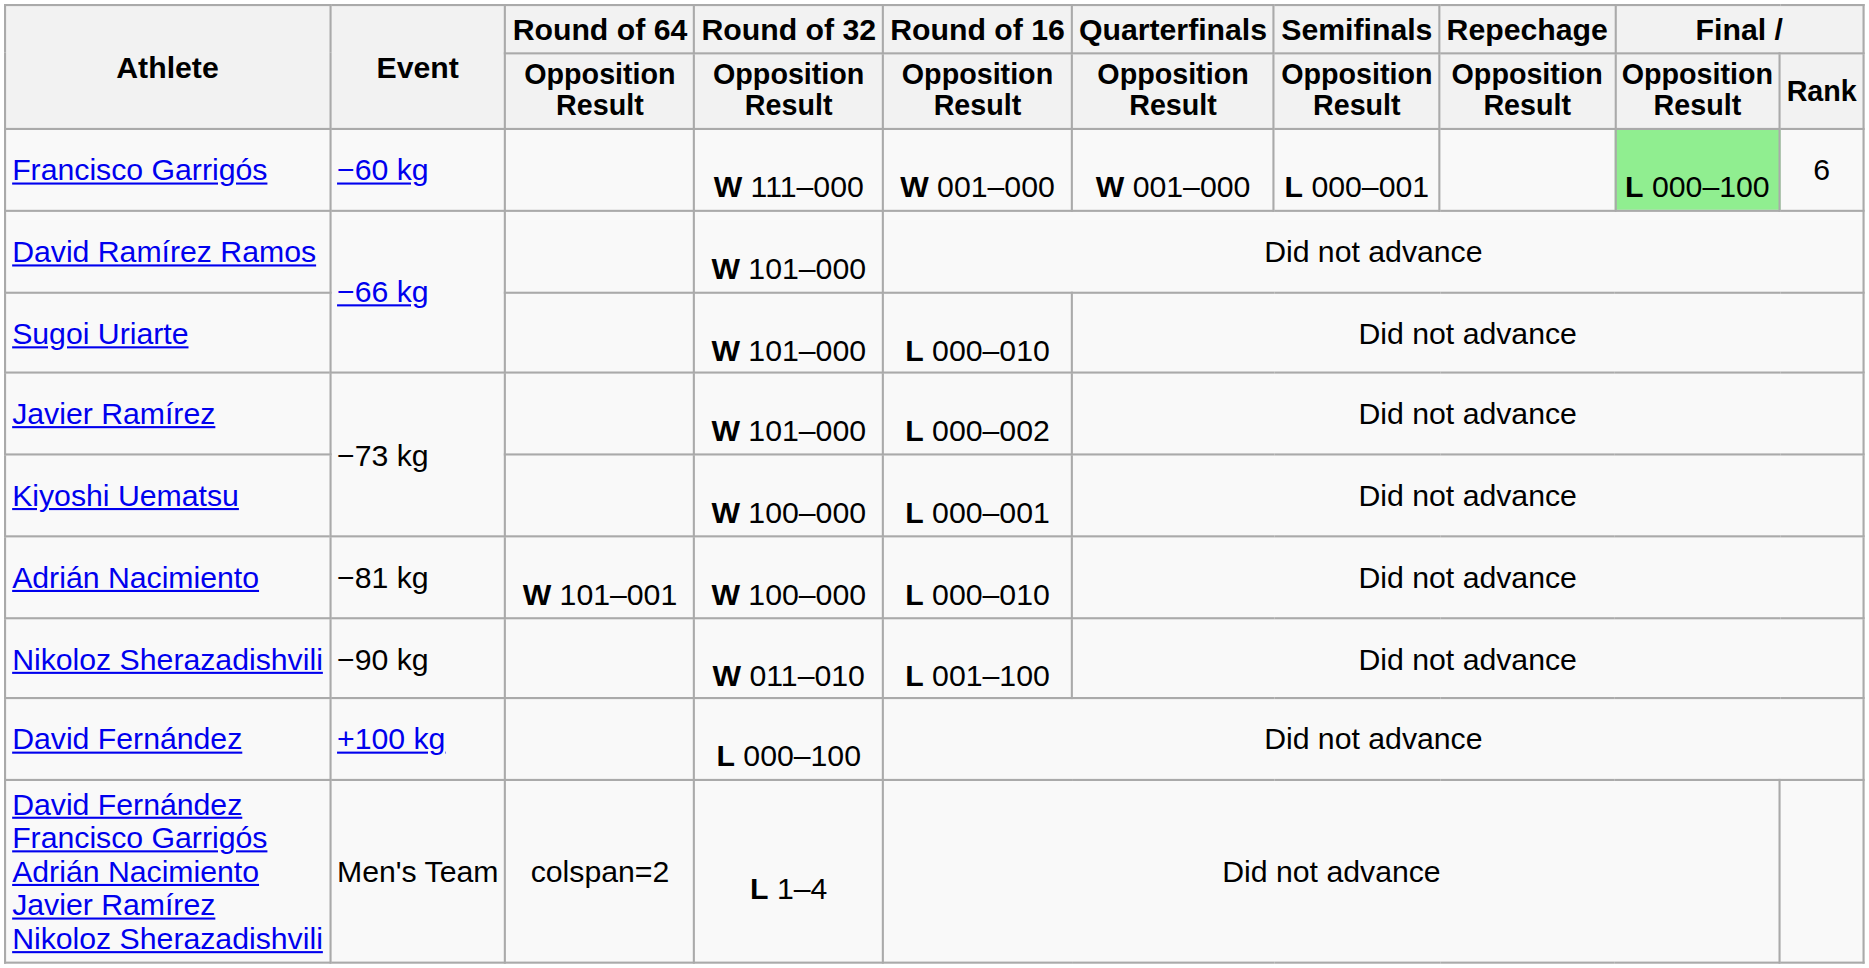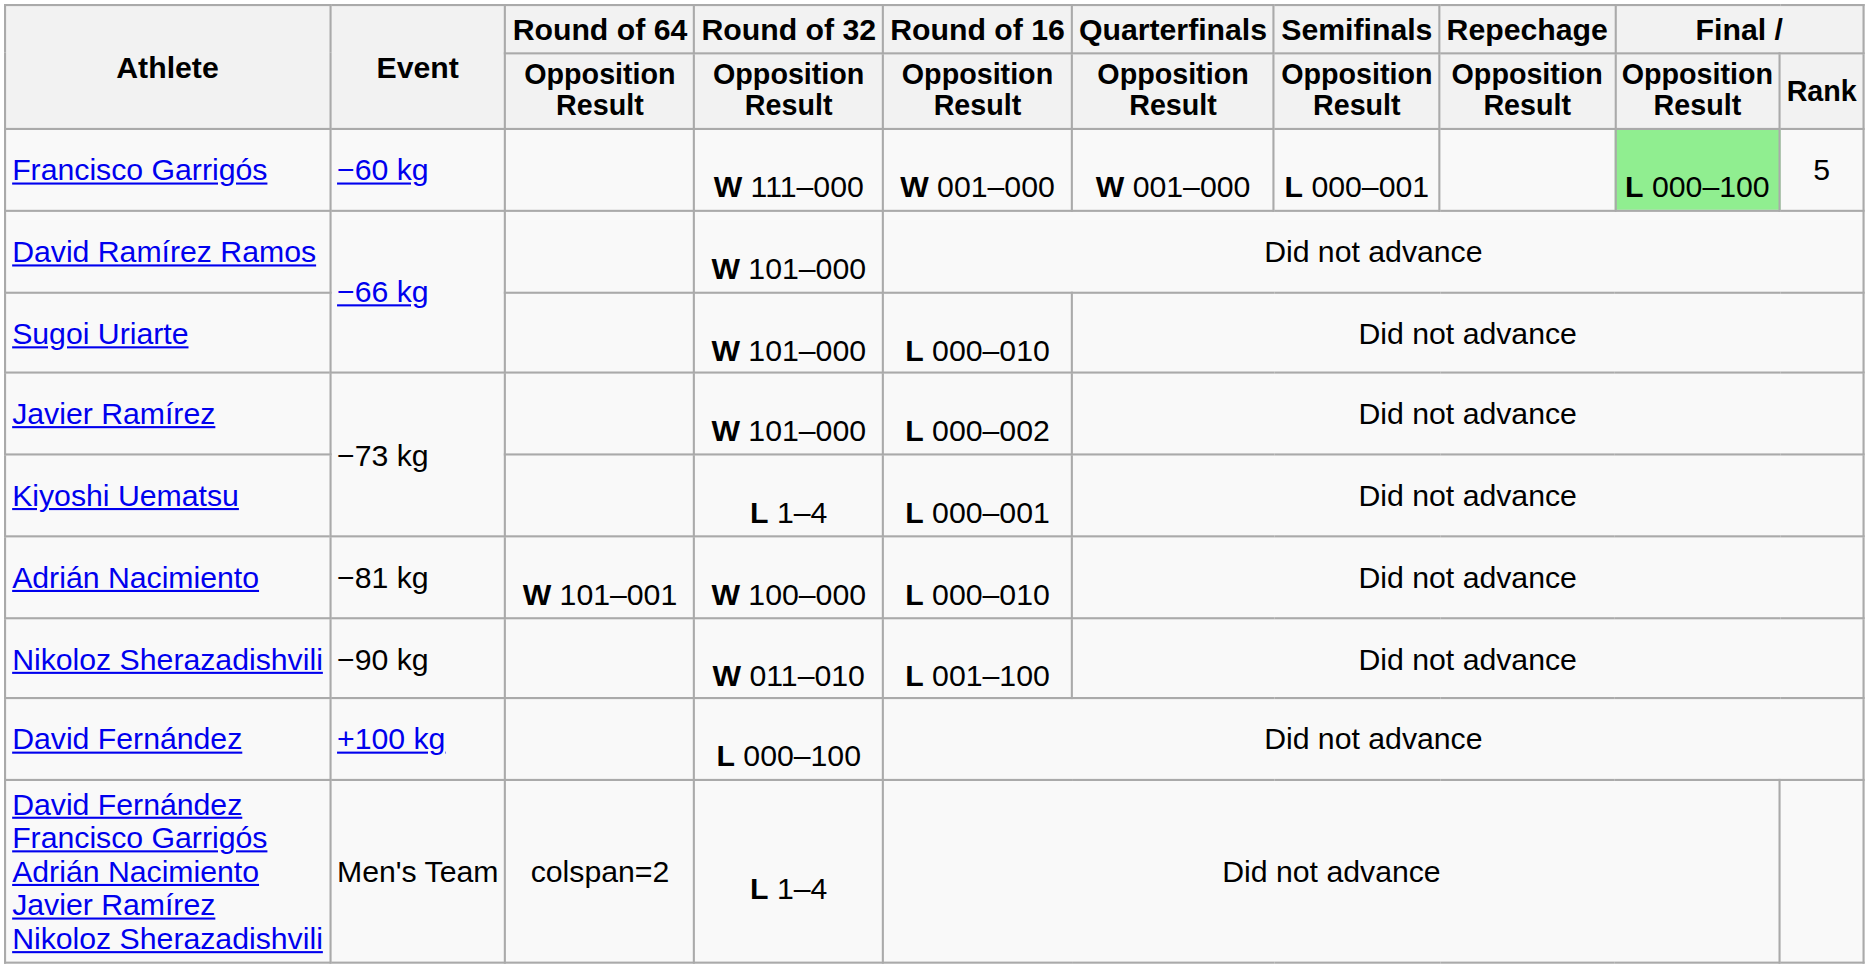 <table class="wikitable" style="font-size:90%">
 <tr>
 <th rowspan="2">Athlete</th>
 <th rowspan="2">Event</th>
 <th>Round of 64</th>
 <th>Round of 32</th>
 <th>Round of 16</th>
 <th>Quarterfinals</th>
 <th>Semifinals</th>
 <th>Repechage</th>
 <th colspan=2>Final / </th>
 </tr>
 <tr style="font-size:95%">
 <th>Opposition<br>Result</th>
 <th>Opposition<br>Result</th>
 <th>Opposition<br>Result</th>
 <th>Opposition<br>Result</th>
 <th>Opposition<br>Result</th>
 <th>Opposition<br>Result</th>
 <th>Opposition<br>Result</th>
 <th>Rank</th>
 </tr>
 <tr align=center>
 <td align=left><a href='#'>Francisco Garrigós</a></td>
 <td align=left><a href='#'>−60 kg</a></td>
 <td></td>
 <td><br><strong>W</strong> 111–000</td>
 <td><br><strong>W</strong> 001–000</td>
 <td><br><strong>W</strong> 001–000</td>
 <td><br><strong>L</strong> 000–001</td>
 <td></td>
 <td style="background: lightgreen;"><br><strong>L</strong> 000–100</td>
-<td>6</td>
+<td>5</td>
 </tr>
 <tr align=center>
 <td align=left><a href='#'>David Ramírez Ramos</a></td>
 <td align=left rowspan=2><a href='#'>−66 kg</a></td>
 <td></td>
 <td><br><strong>W</strong> 101–000</td>
 <td colspan=6>Did not advance</td>
 </tr>
 <tr align=center>
 <td align=left><a href='#'>Sugoi Uriarte</a></td>
 <td></td>
 <td><br><strong>W</strong> 101–000</td>
 <td><br><strong>L</strong> 000–010</td>
 <td colspan=5>Did not advance</td>
 </tr>
 <tr align=center>
 <td align=left><a href='#'>Javier Ramírez</a></td>
 <td align=left rowspan=2>−73 kg</td>
 <td></td>
 <td><br><strong>W</strong> 101–000</td>
 <td><br><strong>L</strong> 000–002</td>
 <td colspan=5>Did not advance</td>
 </tr>
 <tr align=center>
 <td align=left><a href='#'>Kiyoshi Uematsu</a></td>
 <td></td>
-<td><br><strong>W</strong> 100–000</td>
+<td><br><strong>L</strong> 1–4</td>
 <td><br><strong>L</strong> 000–001</td>
 <td colspan=5>Did not advance</td>
 </tr>
 <tr align=center>
 <td align=left><a href='#'>Adrián Nacimiento</a></td>
 <td align=left>−81 kg</td>
 <td><br><strong>W</strong> 101–001</td>
 <td><br><strong>W</strong> 100–000</td>
 <td><br><strong>L</strong> 000–010</td>
 <td colspan=5>Did not advance</td>
 </tr>
 <tr align=center>
 <td align=left><a href='#'>Nikoloz Sherazadishvili</a></td>
 <td align=left>−90 kg</td>
 <td></td>
 <td><br><strong>W</strong> 011–010</td>
 <td><br><strong>L</strong> 001–100</td>
 <td colspan=5>Did not advance</td>
 </tr>
 <tr align=center>
 <td align=left><a href='#'>David Fernández</a></td>
 <td align=left><a href='#'>+100 kg</a></td>
 <td></td>
 <td><br><strong>L</strong> 000–100</td>
 <td colspan=6>Did not advance</td>
 </tr>
 <tr align=center>
 <td align=left><a href='#'>David Fernández</a><br><a href='#'>Francisco Garrigós</a><br><a href='#'>Adrián Nacimiento</a><br><a href='#'>Javier Ramírez</a><br><a href='#'>Nikoloz Sherazadishvili</a></td>
 <td align=left>Men's Team</td>
 <td>colspan=2 </td>
 <td><br><strong>L</strong> 1–4</td>
 <td colspan=5>Did not advance</td>
 </tr>
 </table>
